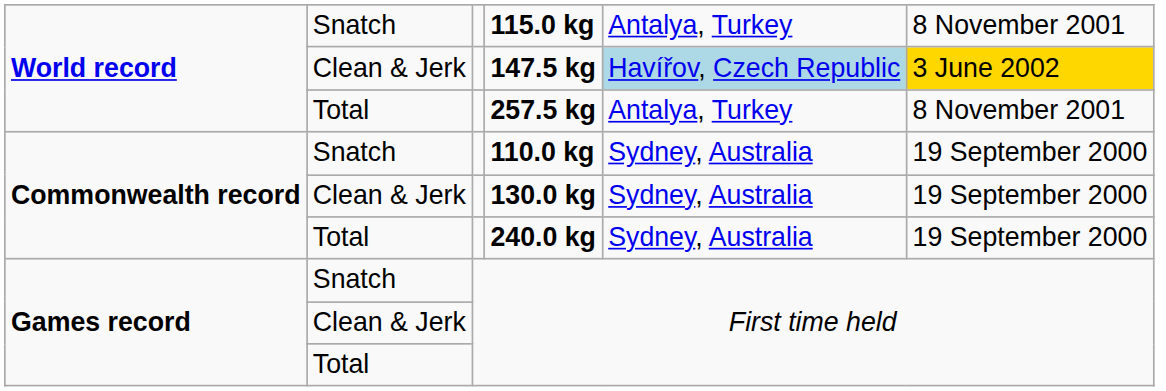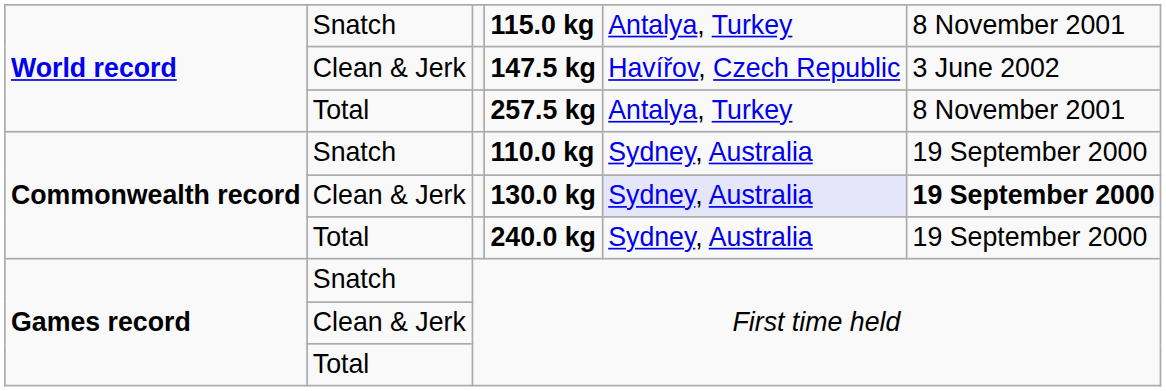 <table class="wikitable">
 <tr>
 <td rowspan=3><strong><a href='#'>World record</a></strong></td>
 <td>Snatch</td>
 <td></td>
 <td><strong>115.0 kg</strong></td>
 <td><a href='#'>Antalya</a>, <a href='#'>Turkey</a></td>
 <td>8 November 2001</td>
 </tr>
 <tr>
 <td>Clean & Jerk</td>
 <td></td>
 <td><strong>147.5 kg</strong></td>
-<td style="background: lightblue;"><a href='#'>Havířov</a>, <a href='#'>Czech Republic</a></td>
-<td style="background: gold;">3 June 2002</td>
+<td><a href='#'>Havířov</a>, <a href='#'>Czech Republic</a></td>
+<td>3 June 2002</td>
 </tr>
 <tr>
 <td>Total</td>
 <td></td>
 <td><strong>257.5 kg</strong></td>
 <td><a href='#'>Antalya</a>, <a href='#'>Turkey</a></td>
 <td>8 November 2001</td>
 </tr>
 <tr>
 <td rowspan=3><strong>Commonwealth record</strong></td>
 <td>Snatch</td>
 <td></td>
 <td><strong>110.0 kg</strong></td>
 <td><a href='#'>Sydney</a>, <a href='#'>Australia</a></td>
 <td>19 September 2000</td>
 </tr>
 <tr>
 <td>Clean & Jerk</td>
 <td></td>
 <td><strong>130.0 kg</strong></td>
-<td><a href='#'>Sydney</a>, <a href='#'>Australia</a></td>
-<td>19 September 2000</td>
+<td style="background: lavender;"><a href='#'>Sydney</a>, <a href='#'>Australia</a></td>
+<td><strong>19 September 2000</strong></td>
 </tr>
 <tr>
 <td>Total</td>
 <td></td>
 <td><strong>240.0 kg</strong></td>
 <td><a href='#'>Sydney</a>, <a href='#'>Australia</a></td>
 <td>19 September 2000</td>
 </tr>
 <tr>
 <td rowspan=3><strong>Games record</strong></td>
 <td>Snatch</td>
 <td rowspan=3 colspan=4 align=center><em>First time held</em></td>
 </tr>
 <tr>
 <td>Clean & Jerk</td>
 </tr>
 <tr>
 <td>Total</td>
 </tr>
 </table>
